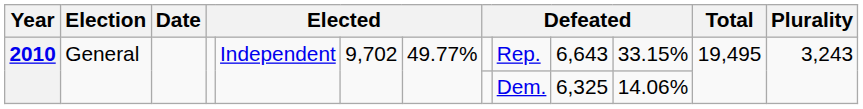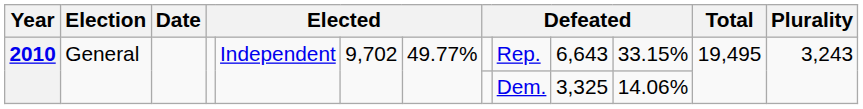 <table class="wikitable">
 <tr>
 <th>Year</th>
 <th>Election</th>
 <th>Date</th>
 <th colspan="4">Elected</th>
 <th colspan="4">Defeated</th>
 <th>Total</th>
 <th>Plurality</th>
 </tr>
 <tr>
 <th rowspan="2" valign="top"><a href='#'>2010</a></th>
 <td rowspan="2" valign="top">General</td>
 <td rowspan="2" valign="top"></td>
 <td rowspan="2" valign="top"></td>
 <td valign="top" rowspan="2" ><a href='#'>Independent</a></td>
 <td rowspan="2" valign="top" align="right">9,702</td>
 <td rowspan="2" valign="top" align="right">49.77%</td>
 <td valign="top"></td>
 <td valign="top" ><a href='#'>Rep.</a></td>
 <td valign="top" align="right">6,643</td>
 <td valign="top" align="right">33.15%</td>
 <td rowspan="2" valign="top" align="right">19,495</td>
 <td rowspan="2" valign="top" align="right">3,243</td>
 </tr>
 <tr>
 <td></td>
 <td valign="top" ><a href='#'>Dem.</a></td>
-<td valign="top" align="right">6,325</td>
+<td valign="top" align="right">3,325</td>
 <td valign="top" align="right">14.06%</td>
 </tr>
 </table>
